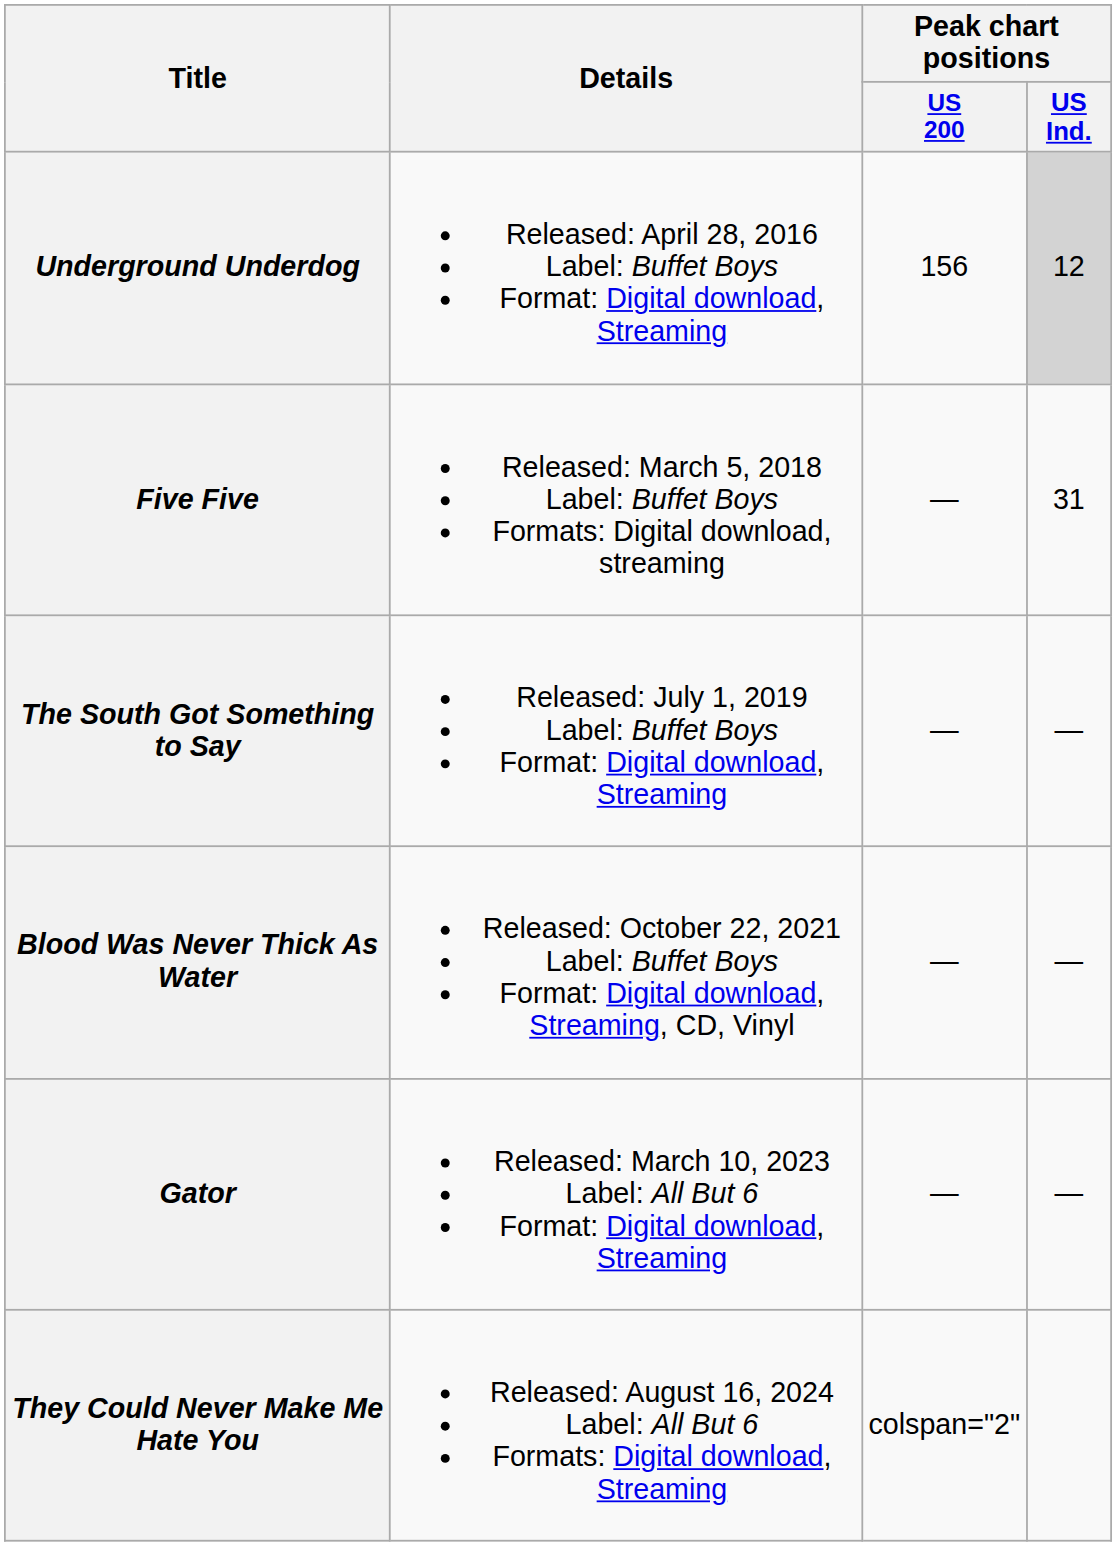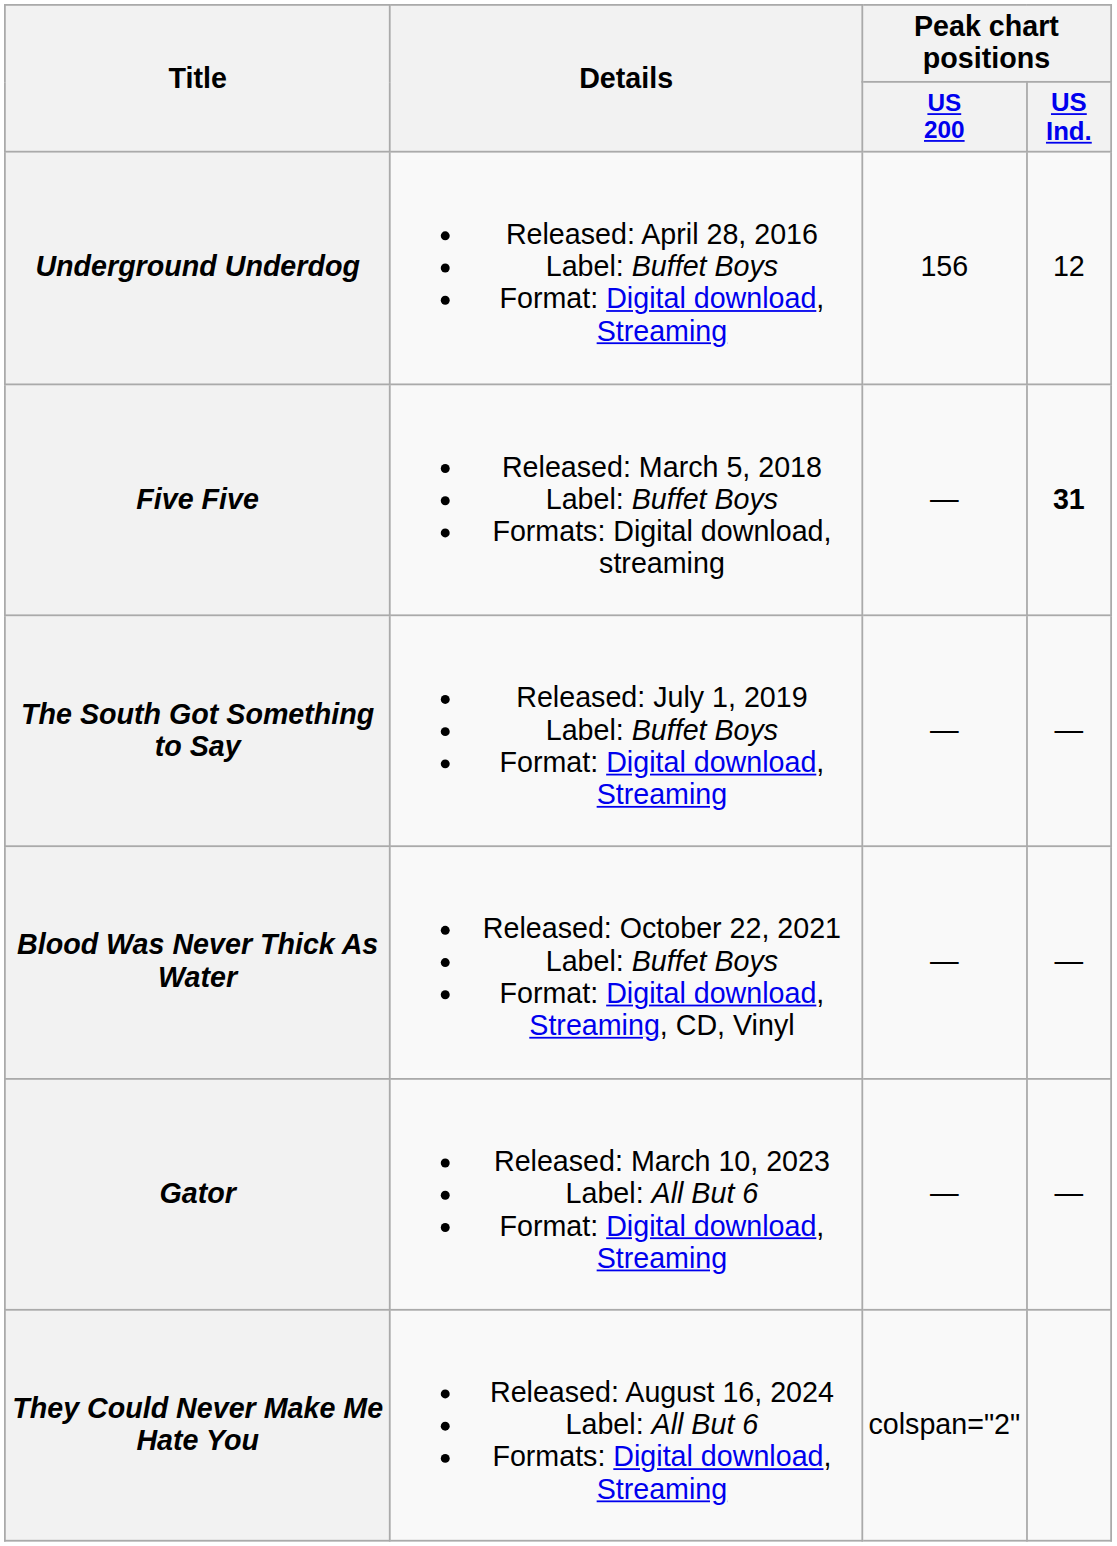 <table class="wikitable plainrowheaders" style="text-align:center;">
 <tr>
 <th scope="col" rowspan="2" style="width:13em;">Title</th>
 <th scope="col" rowspan="2" style="width:16em;">Details</th>
 <th scope="col" colspan="2">Peak chart positions</th>
 </tr>
 <tr>
 <th scope="col" style="width:3em;font-size:85%;"><a href='#'>US<br>200</a><br></th>
 <th scope="col" style="width:2.8em;font-size:90%;"><a href='#'>US<br>Ind.</a><br></th>
 </tr>
 <tr>
 <th scope="row"><em>Underground Underdog</em></th>
 <td><br><ul><li>Released: April 28, 2016</li><li>Label: <em>Buffet Boys</em></li><li>Format: <a href='#'>Digital download</a>, <a href='#'>Streaming</a></li></ul></td>
 <td>156</td>
-<td style="background: lightgrey;">12</td>
+<td>12</td>
 </tr>
 <tr>
 <th scope="row"><em>Five Five</em></th>
 <td><br><ul><li>Released: March 5, 2018</li><li>Label: <em>Buffet Boys</em></li><li>Formats: Digital download, streaming</li></ul></td>
 <td>—</td>
-<td>31</td>
+<td><strong>31</strong></td>
 </tr>
 <tr>
 <th scope="row"><em>The South Got Something to Say</em></th>
 <td><br><ul><li>Released: July 1, 2019</li><li>Label: <em>Buffet Boys</em></li><li>Format: <a href='#'>Digital download</a>, <a href='#'>Streaming</a></li></ul></td>
 <td>—</td>
 <td>—</td>
 </tr>
 <tr>
 <th scope="row"><em>Blood Was Never Thick As Water</em></th>
 <td><br><ul><li>Released: October 22, 2021</li><li>Label: <em>Buffet Boys</em></li><li>Format: <a href='#'>Digital download</a>, <a href='#'>Streaming</a>, CD, Vinyl</li></ul></td>
 <td>—</td>
 <td>—</td>
 </tr>
 <tr>
 <th scope="row"><em>Gator</em></th>
 <td><br><ul><li>Released: March 10, 2023</li><li>Label: <em>All But 6</em></li><li>Format: <a href='#'>Digital download</a>, <a href='#'>Streaming</a></li></ul></td>
 <td>—</td>
 <td>—</td>
 </tr>
 <tr>
 <th scope="row"><em>They Could Never Make Me Hate You</em></th>
 <td><br><ul><li>Released: August 16, 2024</li><li>Label: <em>All But 6</em></li><li>Formats: <a href='#'>Digital download</a>, <a href='#'>Streaming</a></li></ul></td>
 <td>colspan="2" </td>
 </tr>
 </table>
